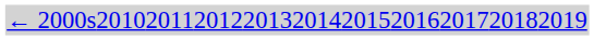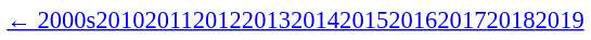 <table id="toc" class="toc" summary=Contents>
 <tr>
 <th></th>
 </tr>
 <tr>
-<td align="center" style="background: lightgrey;"><a href='#'>← 2000s</a><a href='#'>2010</a><a href='#'>2011</a><a href='#'>2012</a><a href='#'>2013</a><a href='#'>2014</a><a href='#'>2015</a><a href='#'>2016</a><a href='#'>2017</a><a href='#'>2018</a><a href='#'>2019</a></td>
+<td align="center"><a href='#'>← 2000s</a><a href='#'>2010</a><a href='#'>2011</a><a href='#'>2012</a><a href='#'>2013</a><a href='#'>2014</a><a href='#'>2015</a><a href='#'>2016</a><a href='#'>2017</a><a href='#'>2018</a><a href='#'>2019</a></td>
 </tr>
 </table>
